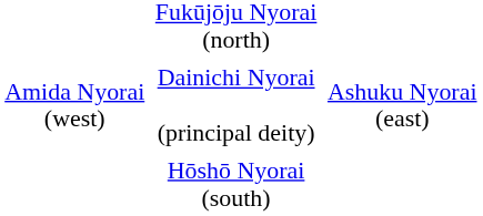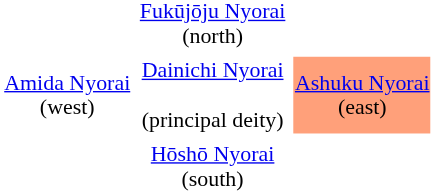 <table border="0" cellspacing="5">
 <tr>
 <td></td>
 <td align = "center"><a href='#'>Fukūjōju Nyorai</a><br>(north)</td>
 <td></td>
 </tr>
 <tr>
 <td align = "center"><a href='#'>Amida Nyorai</a><br>(west)</td>
 <td align = "center"><a href='#'>Dainichi Nyorai</a><br><br>(principal deity)</td>
-<td align = "center"><a href='#'>Ashuku Nyorai</a><br>(east)</td>
+<td align = "center" style="background: lightsalmon;"><a href='#'>Ashuku Nyorai</a><br>(east)</td>
 </tr>
 <tr>
 <td></td>
 <td align = "center"><a href='#'>Hōshō Nyorai</a><br>(south)</td>
 <td></td>
 </tr>
 </table>
